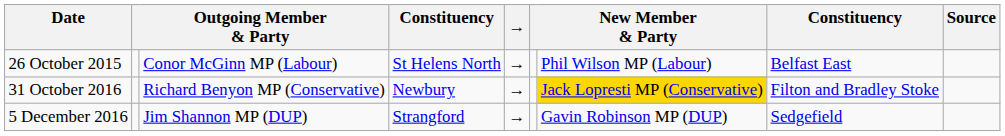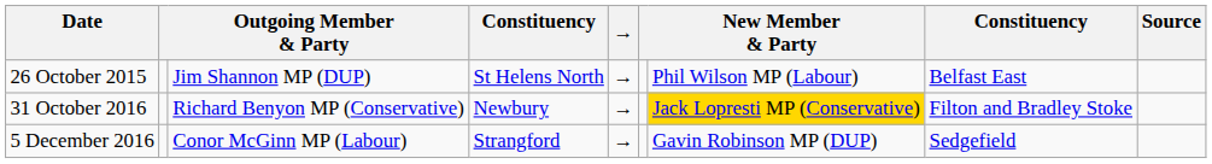 <table class="wikitable">
 <tr>
 <th valign="top">Date</th>
 <th colspan="2" valign="top">Outgoing Member<br>& Party</th>
 <th valign="top">Constituency</th>
 <th>→</th>
 <th colspan="2" valign="top">New Member<br>& Party</th>
 <th valign="top">Constituency</th>
 <th valign="top">Source</th>
 </tr>
 <tr>
 <td>26 October 2015</td>
 <td style="color:inherit;background:"></td>
-<td><a href='#'>Conor McGinn</a> MP (<a href='#'>Labour</a>)</td>
+<td><a href='#'>Jim Shannon</a> MP (<a href='#'>DUP</a>)</td>
 <td><a href='#'>St Helens North</a></td>
 <td>→</td>
 <td style="color:inherit;background:"></td>
 <td><a href='#'>Phil Wilson</a> MP (<a href='#'>Labour</a>)</td>
 <td><a href='#'>Belfast East</a></td>
 <td></td>
 </tr>
 <tr>
 <td>31 October 2016</td>
 <td style="color:inherit;background:"></td>
 <td><a href='#'>Richard Benyon</a> MP (<a href='#'>Conservative</a>)</td>
 <td><a href='#'>Newbury</a></td>
 <td>→</td>
 <td style="color:inherit;background:"></td>
 <td style="background: gold;"><a href='#'>Jack Lopresti</a> MP (<a href='#'>Conservative</a>)</td>
 <td><a href='#'>Filton and Bradley Stoke</a></td>
 <td></td>
 </tr>
 <tr>
 <td>5 December 2016</td>
 <td style="color:inherit;background:"></td>
-<td><a href='#'>Jim Shannon</a> MP (<a href='#'>DUP</a>)</td>
+<td><a href='#'>Conor McGinn</a> MP (<a href='#'>Labour</a>)</td>
 <td><a href='#'>Strangford</a></td>
 <td>→</td>
 <td style="color:inherit;background:"></td>
 <td><a href='#'>Gavin Robinson</a> MP (<a href='#'>DUP</a>)</td>
 <td><a href='#'>Sedgefield</a></td>
 <td></td>
 </tr>
 </table>
